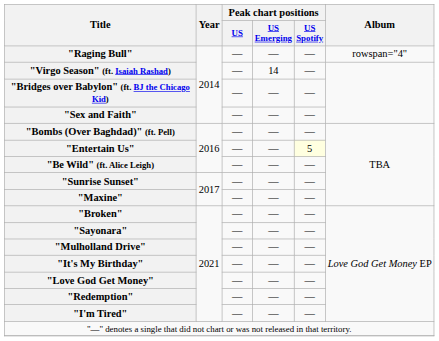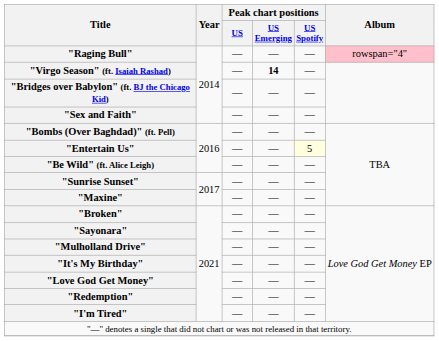 <table class="wikitable plainrowheaders" style="text-align:center;">
 <tr>
 <th scope="col" rowspan="2" style="width:18em;">Title</th>
 <th scope="col" rowspan="2" style="width:1em;">Year</th>
 <th scope="col" colspan="3">Peak chart positions</th>
 <th scope="col" rowspan="2">Album</th>
 </tr>
 <tr>
 <th scope="col" style="width:3em;font-size:85%;"><a href='#'>US</a><br></th>
 <th scope="col" style="width:3em;font-size:85%;"><a href='#'>US<br>Emerging</a><br></th>
 <th scope="col" style="width:3em;font-size:85%;"><a href='#'>US<br>Spotify</a><br></th>
 </tr>
 <tr>
 <th scope="row">"Raging Bull"</th>
 <td rowspan="4">2014</td>
 <td>—</td>
 <td>—</td>
 <td>—</td>
-<td>rowspan="4" </td>
+<td style="background: pink;">rowspan="4" </td>
 </tr>
 <tr>
 <th scope="row">"Virgo Season" <small>(ft. <a href='#'>Isaiah Rashad</a>)</small></th>
 <td>—</td>
-<td>14</td>
+<td><strong>14</strong></td>
 <td>—</td>
 </tr>
 <tr>
 <th scope="row">"Bridges over Babylon" <small>(ft. <a href='#'>BJ the Chicago Kid</a>)</small></th>
 <td>—</td>
 <td>—</td>
 <td>—</td>
 </tr>
 <tr>
 <th scope="row">"Sex and Faith"</th>
 <td>—</td>
 <td>—</td>
 <td>—</td>
 </tr>
 <tr>
 <th scope="row">"Bombs (Over Baghdad)" <small>(ft. Pell)</small></th>
 <td rowspan="3">2016</td>
 <td>—</td>
 <td>—</td>
 <td>—</td>
 <td rowspan="5">TBA</td>
 </tr>
 <tr>
 <th scope="row">"Entertain Us"</th>
 <td>—</td>
 <td>—</td>
 <td style="background: lightyellow;">5</td>
 </tr>
 <tr>
 <th scope="row">"Be Wild" <small>(ft. Alice Leigh)</small></th>
 <td>—</td>
 <td>—</td>
 <td>—</td>
 </tr>
 <tr>
 <th scope="row">"Sunrise Sunset"</th>
 <td rowspan="2">2017</td>
 <td>—</td>
 <td>—</td>
 <td>—</td>
 </tr>
 <tr>
 <th scope="row">"Maxine"</th>
 <td>—</td>
 <td>—</td>
 <td>—</td>
 </tr>
 <tr>
 <th scope="row">"Broken"</th>
 <td rowspan="7">2021</td>
 <td>—</td>
 <td>—</td>
 <td>—</td>
 <td rowspan="7"><em>Love God Get Money</em> EP</td>
 </tr>
 <tr>
 <th scope="row">"Sayonara"</th>
 <td>—</td>
 <td>—</td>
 <td>—</td>
 </tr>
 <tr>
 <th scope="row">"Mulholland Drive"</th>
 <td>—</td>
 <td>—</td>
 <td>—</td>
 </tr>
 <tr>
 <th scope="row">"It's My Birthday"</th>
 <td>—</td>
 <td>—</td>
 <td>—</td>
 </tr>
 <tr>
 <th scope="row">"Love God Get Money"</th>
 <td>—</td>
 <td>—</td>
 <td>—</td>
 </tr>
 <tr>
 <th scope="row">"Redemption"</th>
 <td>—</td>
 <td>—</td>
 <td>—</td>
 </tr>
 <tr>
 <th scope="row">"I'm Tired"</th>
 <td>—</td>
 <td>—</td>
 <td>—</td>
 </tr>
 <tr>
 <td colspan="20" style="font-size:85%">"—" denotes a single that did not chart or was not released in that territory.</td>
 </tr>
 <tr>
 </tr>
 </table>
